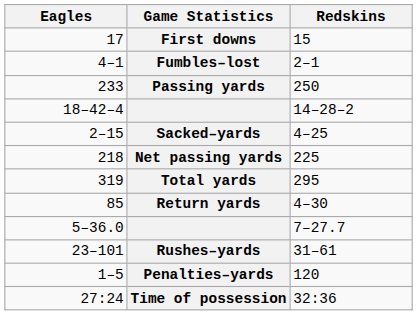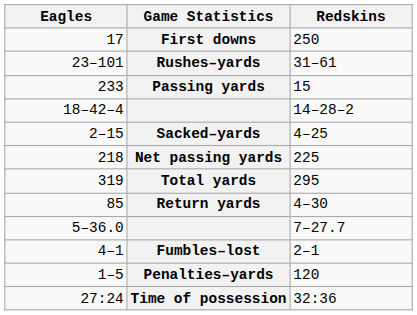 <table class="wikitable" style="margin: 1em auto 1em auto">
 <tr>
 <th style="width:30%;">Eagles</th>
 <th style="width:40%;">Game Statistics</th>
 <th style="width:30%;">Redskins</th>
 </tr>
 <tr>
 <td style="text-align:right;">17</td>
 <th>First downs</th>
-<td>15</td>
+<td>250</td>
 </tr>
 <tr>
-<td style="text-align:right;">4–1</td>
-<th>Fumbles–lost</th>
-<td>2–1</td>
+<td style="text-align:right;">23–101</td>
+<th>Rushes–yards</th>
+<td>31–61</td>
 </tr>
 <tr>
 <td style="text-align:right;">233</td>
 <th>Passing yards</th>
-<td>250</td>
+<td>15</td>
 </tr>
 <tr>
 <td style="text-align:right;">18–42–4</td>
 <th></th>
 <td>14–28–2</td>
 </tr>
 <tr>
 <td style="text-align:right;">2–15</td>
 <th>Sacked–yards</th>
 <td>4–25</td>
 </tr>
 <tr>
 <td style="text-align:right;">218</td>
 <th>Net passing yards</th>
 <td>225</td>
 </tr>
 <tr>
 <td style="text-align:right;">319</td>
 <th>Total yards</th>
 <td>295</td>
 </tr>
 <tr>
 <td style="text-align:right;">85</td>
 <th>Return yards</th>
 <td>4–30</td>
 </tr>
 <tr>
 <td style="text-align:right;">5–36.0</td>
 <th></th>
 <td>7–27.7</td>
 </tr>
 <tr>
-<td style="text-align:right;">23–101</td>
-<th>Rushes–yards</th>
-<td>31–61</td>
+<td style="text-align:right;">4–1</td>
+<th>Fumbles–lost</th>
+<td>2–1</td>
 </tr>
 <tr>
 <td style="text-align:right;">1–5</td>
 <th>Penalties–yards</th>
 <td>120</td>
 </tr>
 <tr>
 <td style="text-align:right;">27:24</td>
 <th>Time of possession</th>
 <td>32:36</td>
 </tr>
 </table>
